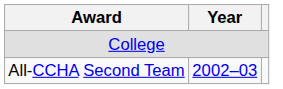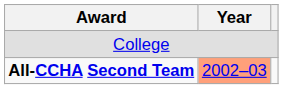 <table class="wikitable">
 <tr>
 <th>Award</th>
 <th>Year</th>
 <th></th>
 </tr>
 <tr ALIGN="center" bgcolor="#e0e0e0">
 <td colspan="3"><a href='#'>College</a></td>
 </tr>
 <tr>
-<td>All-<a href='#'>CCHA</a> <a href='#'>Second Team</a></td>
-<td><a href='#'>2002–03</a></td>
+<td><strong>All-<a href='#'>CCHA</a> <a href='#'>Second Team</a></strong></td>
+<td style="background: lightsalmon;"><a href='#'>2002–03</a></td>
 <td></td>
 </tr>
 </table>
